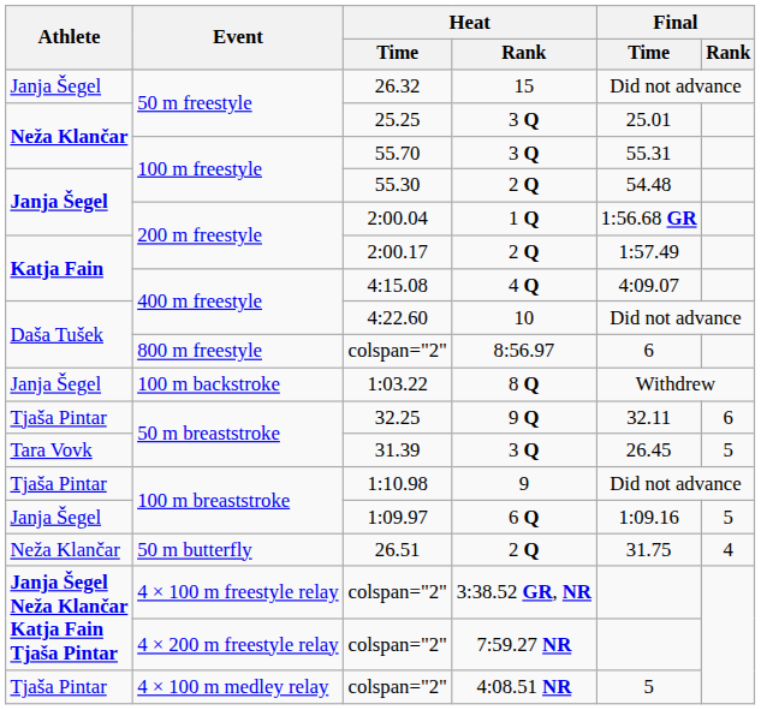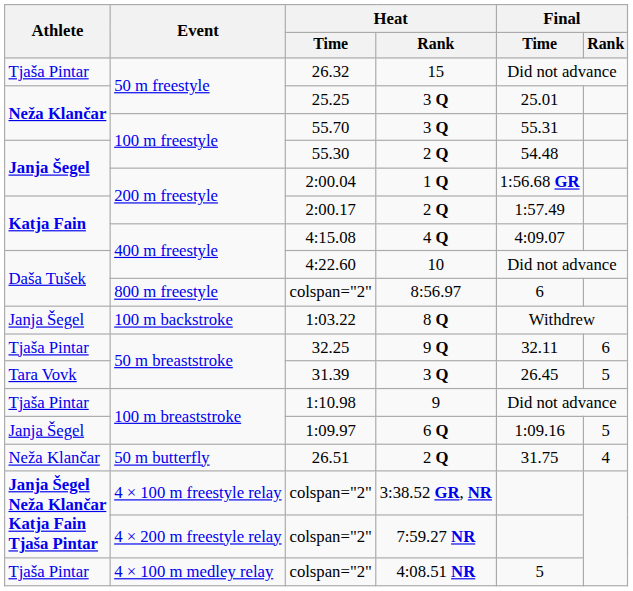 <table class=wikitable style="font-size:90%">
 <tr>
 <th rowspan="2">Athlete</th>
 <th rowspan="2">Event</th>
 <th colspan="2">Heat</th>
 <th colspan="2">Final</th>
 </tr>
 <tr style="font-size:95%">
 <th>Time</th>
 <th>Rank</th>
 <th>Time</th>
 <th>Rank</th>
 </tr>
 <tr align=center>
-<td align=left><a href='#'>Janja Šegel</a></td>
+<td align=left><a href='#'>Tjaša Pintar</a></td>
 <td align=left rowspan="2"><a href='#'>50 m freestyle</a></td>
 <td>26.32</td>
 <td>15</td>
 <td colspan="2">Did not advance</td>
 </tr>
 <tr align=center>
 <td align=left rowspan="2"><strong><a href='#'>Neža Klančar</a></strong></td>
 <td>25.25</td>
 <td>3 <strong>Q</strong></td>
 <td>25.01</td>
 <td></td>
 </tr>
 <tr align=center>
 <td align=left rowspan="2"><a href='#'>100 m freestyle</a></td>
 <td>55.70</td>
 <td>3 <strong>Q</strong></td>
 <td>55.31</td>
 <td></td>
 </tr>
 <tr align=center>
 <td align=left rowspan="2"><strong><a href='#'>Janja Šegel</a></strong></td>
 <td>55.30</td>
 <td>2 <strong>Q</strong></td>
 <td>54.48</td>
 <td></td>
 </tr>
 <tr align=center>
 <td align=left rowspan="2"><a href='#'>200 m freestyle</a></td>
 <td>2:00.04</td>
 <td>1 <strong>Q</strong></td>
 <td>1:56.68 <strong><a href='#'>GR</a></strong></td>
 <td></td>
 </tr>
 <tr align=center>
 <td align=left rowspan="2"><strong><a href='#'>Katja Fain</a></strong></td>
 <td>2:00.17</td>
 <td>2 <strong>Q</strong></td>
 <td>1:57.49</td>
 <td></td>
 </tr>
 <tr align=center>
 <td align=left rowspan="2"><a href='#'>400 m freestyle</a></td>
 <td>4:15.08</td>
 <td>4 <strong>Q</strong></td>
 <td>4:09.07</td>
 <td></td>
 </tr>
 <tr align=center>
 <td align=left rowspan="2"><a href='#'>Daša Tušek</a></td>
 <td>4:22.60</td>
 <td>10</td>
 <td colspan="2">Did not advance</td>
 </tr>
 <tr align=center>
 <td align=left><a href='#'>800 m freestyle</a></td>
 <td>colspan="2" </td>
 <td>8:56.97</td>
 <td>6</td>
 </tr>
 <tr align=center>
 <td align=left><a href='#'>Janja Šegel</a></td>
 <td align=left><a href='#'>100 m backstroke</a></td>
 <td>1:03.22</td>
 <td>8 <strong>Q</strong></td>
 <td colspan="2">Withdrew</td>
 </tr>
 <tr align=center>
 <td align=left><a href='#'>Tjaša Pintar</a></td>
 <td align=left rowspan="2"><a href='#'>50 m breaststroke</a></td>
 <td>32.25</td>
 <td>9 <strong>Q</strong></td>
 <td>32.11</td>
 <td>6</td>
 </tr>
 <tr align=center>
 <td align=left><a href='#'>Tara Vovk</a></td>
 <td>31.39</td>
 <td>3 <strong>Q</strong></td>
 <td>26.45</td>
 <td>5</td>
 </tr>
 <tr align=center>
 <td align=left><a href='#'>Tjaša Pintar</a></td>
 <td align=left rowspan="2"><a href='#'>100 m breaststroke</a></td>
 <td>1:10.98</td>
 <td>9</td>
 <td colspan="2">Did not advance</td>
 </tr>
 <tr align=center>
 <td align=left><a href='#'>Janja Šegel</a></td>
 <td>1:09.97</td>
 <td>6 <strong>Q</strong></td>
 <td>1:09.16</td>
 <td>5</td>
 </tr>
 <tr align=center>
 <td align=left><a href='#'>Neža Klančar</a></td>
 <td align=left><a href='#'>50 m butterfly</a></td>
 <td>26.51</td>
 <td>2 <strong>Q</strong></td>
 <td>31.75</td>
 <td>4</td>
 </tr>
 <tr align=center>
 <td align=left rowspan="2"><strong><a href='#'>Janja Šegel</a><br><a href='#'>Neža Klančar</a><br><a href='#'>Katja Fain</a><br><a href='#'>Tjaša Pintar</a></strong></td>
 <td align=left><a href='#'>4 × 100 m freestyle relay</a></td>
 <td>colspan="2" </td>
 <td>3:38.52 <strong><a href='#'>GR</a></strong>, <strong><a href='#'>NR</a></strong></td>
 <td></td>
 </tr>
 <tr align=center>
 <td align=left><a href='#'>4 × 200 m freestyle relay</a></td>
 <td>colspan="2" </td>
 <td>7:59.27 <strong><a href='#'>NR</a></strong></td>
 <td></td>
 </tr>
 <tr align=center>
 <td align=left><a href='#'>Tjaša Pintar</a></td>
 <td align=left><a href='#'>4 × 100 m medley relay</a></td>
 <td>colspan="2" </td>
 <td>4:08.51 <strong><a href='#'>NR</a></strong></td>
 <td>5</td>
 </tr>
 </table>
